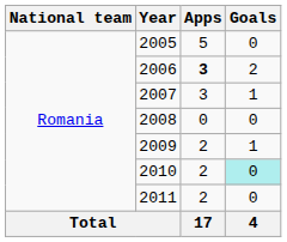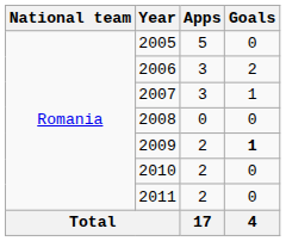 <table class="wikitable" style="text-align:center">
 <tr>
 <th>National team</th>
 <th>Year</th>
 <th>Apps</th>
 <th>Goals</th>
 </tr>
 <tr>
 <td rowspan="7"><a href='#'>Romania</a></td>
 <td>2005</td>
 <td>5</td>
 <td>0</td>
 </tr>
 <tr>
 <td>2006</td>
-<td><strong>3</strong></td>
+<td>3</td>
 <td>2</td>
 </tr>
 <tr>
 <td>2007</td>
 <td>3</td>
 <td>1</td>
 </tr>
 <tr>
 <td>2008</td>
 <td>0</td>
 <td>0</td>
 </tr>
 <tr>
 <td>2009</td>
 <td>2</td>
-<td>1</td>
+<td><strong>1</strong></td>
 </tr>
 <tr>
 <td>2010</td>
 <td>2</td>
-<td style="background: paleturquoise;">0</td>
+<td>0</td>
 </tr>
 <tr>
 <td>2011</td>
 <td>2</td>
 <td>0</td>
 </tr>
 <tr>
 <th colspan="2">Total</th>
 <th>17</th>
 <th>4</th>
 </tr>
 </table>
